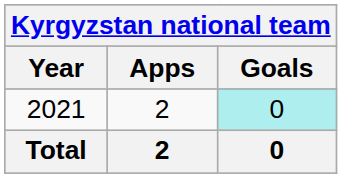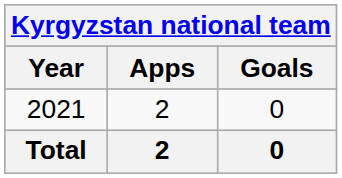 <table class="wikitable" style="text-align:center">
 <tr>
 <th colspan=3><a href='#'>Kyrgyzstan national team</a></th>
 </tr>
 <tr>
 <th>Year</th>
 <th>Apps</th>
 <th>Goals</th>
 </tr>
 <tr>
 <td>2021</td>
 <td>2</td>
-<td style="background: paleturquoise;">0</td>
+<td>0</td>
 </tr>
 <tr>
 <th>Total</th>
 <th>2</th>
 <th>0</th>
 </tr>
 </table>
